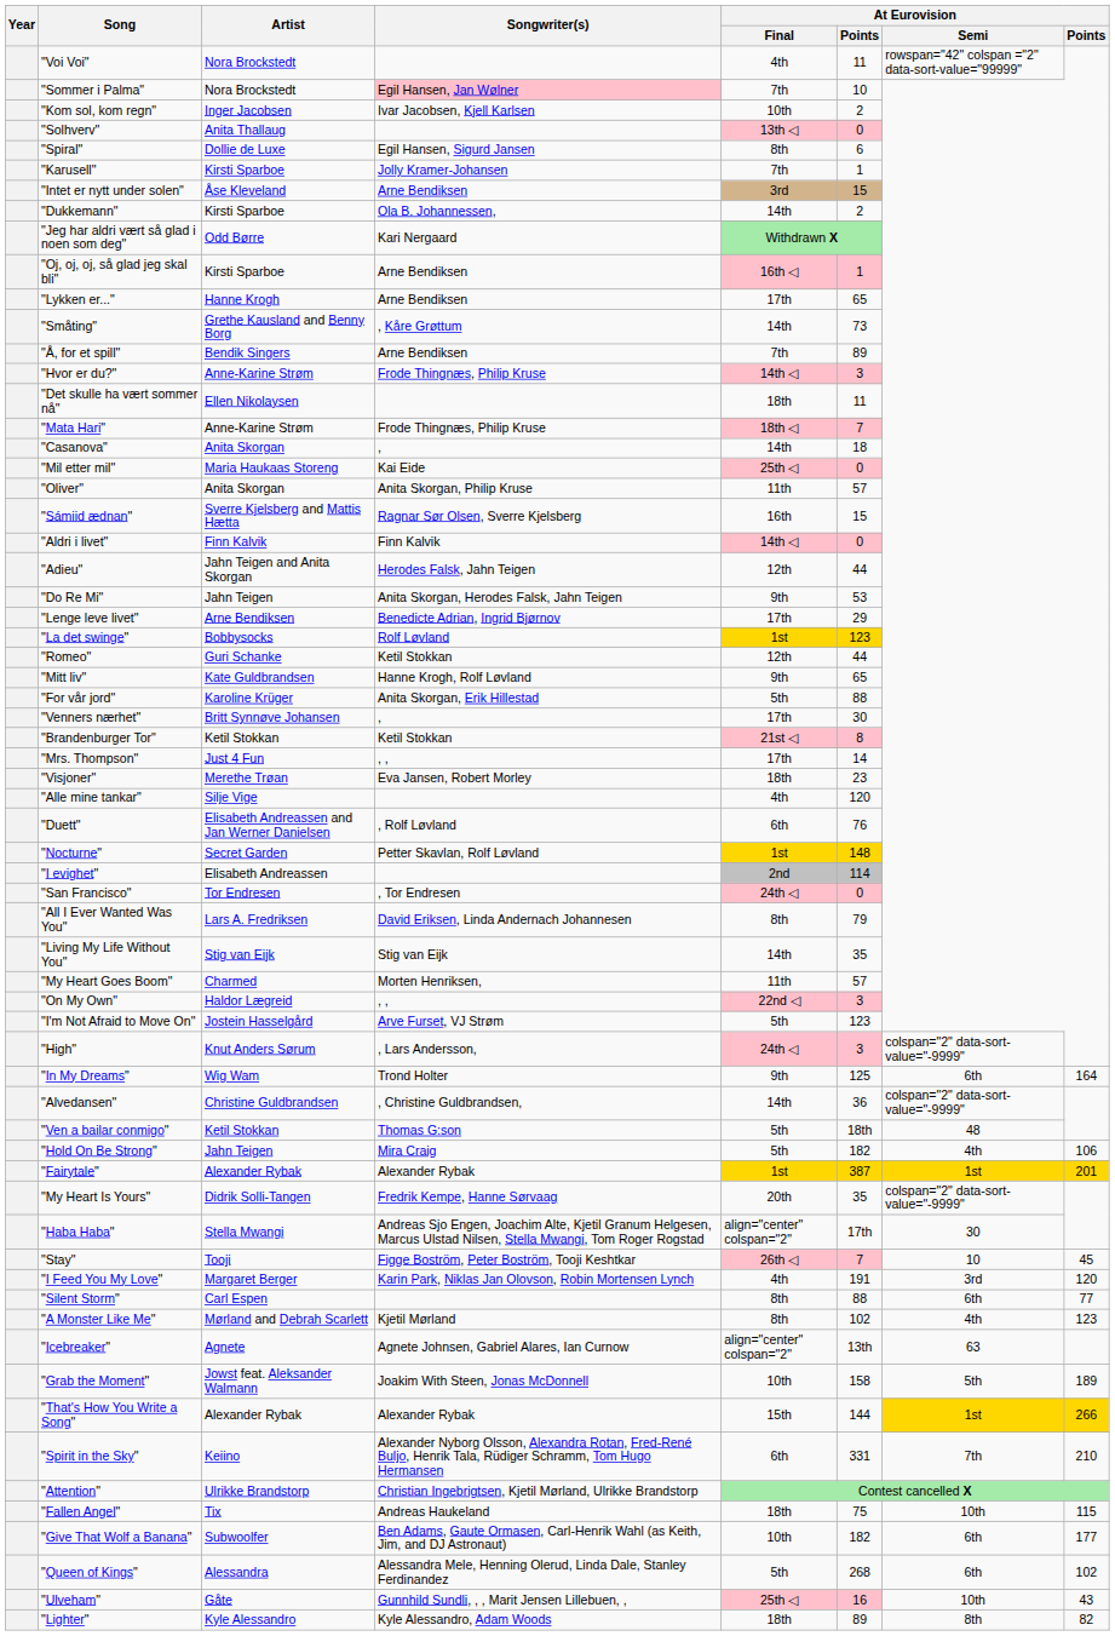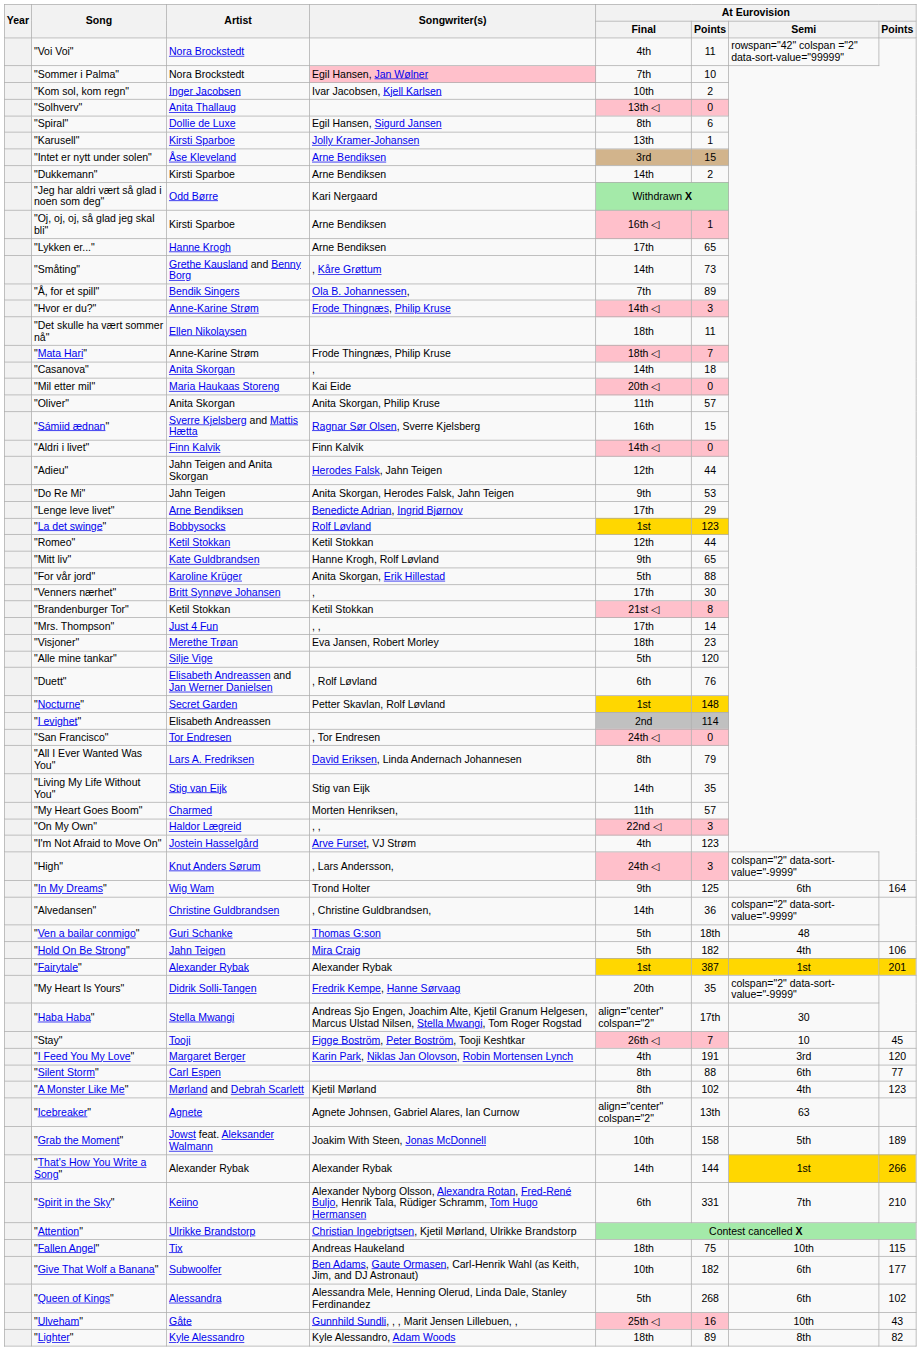 <table class="sortable wikitable plainrowheaders" border="1" style="font-size:90%;">
 <tr>
 <th rowspan="2">Year</th>
 <th rowspan="2">Song</th>
 <th rowspan="2">Artist</th>
 <th rowspan="2">Songwriter(s)</th>
 <th colspan="4">At Eurovision</th>
 </tr>
 <tr>
 <th>Final</th>
 <th>Points</th>
 <th>Semi</th>
 <th>Points</th>
 </tr>
 <tr>
 <th scope="row"></th>
 <td>"Voi Voi"</td>
 <td><a href='#'>Nora Brockstedt</a></td>
 <td></td>
 <td align="center">4th</td>
 <td align="center">11</td>
 <td>rowspan="42" colspan ="2" data-sort-value="99999" </td>
 </tr>
 <tr>
 <th scope="row"></th>
 <td>"Sommer i Palma"</td>
 <td>Nora Brockstedt</td>
 <td style="background: pink;">Egil Hansen, <a href='#'>Jan Wølner</a></td>
 <td align="center">7th</td>
 <td align="center">10</td>
 </tr>
 <tr>
 <th scope="row"></th>
 <td>"Kom sol, kom regn"</td>
 <td><a href='#'>Inger Jacobsen</a></td>
 <td>Ivar Jacobsen, <a href='#'>Kjell Karlsen</a></td>
 <td align="center">10th</td>
 <td align="center">2</td>
 </tr>
 <tr>
 <th scope="row"></th>
 <td>"Solhverv"</td>
 <td><a href='#'>Anita Thallaug</a></td>
 <td></td>
 <td align="center" style="background-color:pink">13th ◁</td>
 <td align="center" style="background-color:pink">0</td>
 </tr>
 <tr>
 <th scope="row"></th>
 <td>"Spiral"</td>
 <td><a href='#'>Dollie de Luxe</a></td>
 <td>Egil Hansen, <a href='#'>Sigurd Jansen</a></td>
 <td align="center">8th</td>
 <td align="center">6</td>
 </tr>
 <tr>
 <th scope="row"></th>
 <td>"Karusell"</td>
 <td><a href='#'>Kirsti Sparboe</a></td>
 <td><a href='#'>Jolly Kramer-Johansen</a></td>
-<td align="center">7th</td>
+<td align="center">13th</td>
 <td align="center">1</td>
 </tr>
 <tr>
 <th scope="row"></th>
 <td>"Intet er nytt under solen"</td>
 <td><a href='#'>Åse Kleveland</a></td>
 <td><a href='#'>Arne Bendiksen</a></td>
 <td align="center" style="background-color:tan">3rd</td>
 <td align="center" style="background-color:tan">15</td>
 </tr>
 <tr>
 <th scope="row"></th>
 <td>"Dukkemann"</td>
 <td>Kirsti Sparboe</td>
-<td><a href='#'>Ola B. Johannessen</a>, </td>
+<td>Arne Bendiksen</td>
 <td align="center">14th</td>
 <td align="center">2</td>
 </tr>
 <tr>
 <th scope="row"></th>
 <td>"Jeg har aldri vært så glad i noen som deg"</td>
 <td><a href='#'>Odd Børre</a></td>
 <td>Kari Nergaard</td>
 <td align="center" colspan="2" style="background-color:#A4EAA9">Withdrawn <strong>X</strong></td>
 </tr>
 <tr>
 <th scope="row"></th>
 <td>"Oj, oj, oj, så glad jeg skal bli"</td>
 <td>Kirsti Sparboe</td>
 <td>Arne Bendiksen</td>
 <td align="center" style="background-color:pink">16th ◁</td>
 <td align="center" style="background-color:pink">1</td>
 </tr>
 <tr>
 <th scope="row"></th>
 <td>"Lykken er..."</td>
 <td><a href='#'>Hanne Krogh</a></td>
 <td>Arne Bendiksen</td>
 <td align="center">17th</td>
 <td align="center">65</td>
 </tr>
 <tr>
 <th scope="row"></th>
 <td>"Småting"</td>
 <td><a href='#'>Grethe Kausland</a> and <a href='#'>Benny Borg</a></td>
 <td>, <a href='#'>Kåre Grøttum</a></td>
 <td align="center">14th</td>
 <td align="center">73</td>
 </tr>
 <tr>
 <th scope="row"></th>
 <td>"Å, for et spill"</td>
 <td><a href='#'>Bendik Singers</a></td>
-<td>Arne Bendiksen</td>
+<td><a href='#'>Ola B. Johannessen</a>, </td>
 <td align="center">7th</td>
 <td align="center">89</td>
 </tr>
 <tr>
 <th scope="row"></th>
 <td>"Hvor er du?"</td>
 <td><a href='#'>Anne-Karine Strøm</a></td>
 <td><a href='#'>Frode Thingnæs</a>, <a href='#'>Philip Kruse</a></td>
 <td align="center" style="background-color:pink">14th ◁</td>
 <td align="center" style="background-color:pink">3</td>
 </tr>
 <tr>
 <th scope="row"></th>
 <td>"Det skulle ha vært sommer nå"</td>
 <td><a href='#'>Ellen Nikolaysen</a></td>
 <td></td>
 <td align="center">18th</td>
 <td align="center">11</td>
 </tr>
 <tr>
 <th scope="row"></th>
 <td>"<a href='#'>Mata Hari</a>"</td>
 <td>Anne-Karine Strøm</td>
 <td>Frode Thingnæs, Philip Kruse</td>
 <td align="center" style="background-color:pink">18th ◁</td>
 <td align="center" style="background-color:pink">7</td>
 </tr>
 <tr>
 <th scope="row"></th>
 <td>"Casanova"</td>
 <td><a href='#'>Anita Skorgan</a></td>
 <td>, </td>
 <td align="center">14th</td>
 <td align="center">18</td>
 </tr>
 <tr>
 <th scope="row"></th>
 <td>"Mil etter mil"</td>
 <td><a href='#'>Maria Haukaas Storeng</a></td>
 <td>Kai Eide</td>
-<td align="center" style="background-color:pink">25th ◁</td>
+<td align="center" style="background-color:pink">20th ◁</td>
 <td align="center" style="background-color:pink">0</td>
 </tr>
 <tr>
 <th scope="row"></th>
 <td>"Oliver"</td>
 <td>Anita Skorgan</td>
 <td>Anita Skorgan, Philip Kruse</td>
 <td align="center">11th</td>
 <td align="center">57</td>
 </tr>
 <tr>
 <th scope="row"></th>
 <td>"<a href='#'>Sámiid ædnan</a>"</td>
 <td><a href='#'>Sverre Kjelsberg</a> and <a href='#'>Mattis Hætta</a></td>
 <td><a href='#'>Ragnar Sør Olsen</a>, Sverre Kjelsberg</td>
 <td align="center">16th</td>
 <td align="center">15</td>
 </tr>
 <tr>
 <th scope="row"></th>
 <td>"Aldri i livet"</td>
 <td><a href='#'>Finn Kalvik</a></td>
 <td>Finn Kalvik</td>
 <td align="center" style="background-color:pink">14th ◁</td>
 <td align="center" style="background-color:pink">0</td>
 </tr>
 <tr>
 <th scope="row"></th>
 <td>"Adieu"</td>
 <td>Jahn Teigen and Anita Skorgan</td>
 <td><a href='#'>Herodes Falsk</a>, Jahn Teigen</td>
 <td align="center">12th</td>
 <td align="center">44</td>
 </tr>
 <tr>
 <th scope="row"></th>
 <td>"Do Re Mi"</td>
 <td>Jahn Teigen</td>
 <td>Anita Skorgan, Herodes Falsk, Jahn Teigen</td>
 <td align="center">9th</td>
 <td align="center">53</td>
 </tr>
 <tr>
 <th scope="row"></th>
 <td>"Lenge leve livet"</td>
 <td><a href='#'>Arne Bendiksen</a></td>
 <td><a href='#'>Benedicte Adrian</a>, <a href='#'>Ingrid Bjørnov</a></td>
 <td align="center">17th</td>
 <td align="center">29</td>
 </tr>
 <tr>
 <th scope="row"></th>
 <td>"<a href='#'>La det swinge</a>"</td>
 <td><a href='#'>Bobbysocks</a></td>
 <td><a href='#'>Rolf Løvland</a></td>
 <td align="center" style="background-color:gold">1st</td>
 <td align="center" style="background-color:gold">123</td>
 </tr>
 <tr>
 <th scope="row"></th>
 <td>"Romeo"</td>
-<td><a href='#'>Guri Schanke</a></td>
+<td><a href='#'>Ketil Stokkan</a></td>
 <td>Ketil Stokkan</td>
 <td align="center">12th</td>
 <td align="center">44</td>
 </tr>
 <tr>
 <th scope="row"></th>
 <td>"Mitt liv"</td>
 <td><a href='#'>Kate Guldbrandsen</a></td>
 <td>Hanne Krogh, Rolf Løvland</td>
 <td align="center">9th</td>
 <td align="center">65</td>
 </tr>
 <tr>
 <th scope="row"></th>
 <td>"For vår jord"</td>
 <td><a href='#'>Karoline Krüger</a></td>
 <td>Anita Skorgan, <a href='#'>Erik Hillestad</a></td>
 <td align="center">5th</td>
 <td align="center">88</td>
 </tr>
 <tr>
 <th scope="row"></th>
 <td>"Venners nærhet"</td>
 <td><a href='#'>Britt Synnøve Johansen</a></td>
 <td>, </td>
 <td align="center">17th</td>
 <td align="center">30</td>
 </tr>
 <tr>
 <th scope="row"></th>
 <td>"Brandenburger Tor"</td>
 <td>Ketil Stokkan</td>
 <td>Ketil Stokkan</td>
 <td align="center" style="background-color:pink">21st ◁</td>
 <td align="center" style="background-color:pink">8</td>
 </tr>
 <tr>
 <th scope="row"></th>
 <td>"Mrs. Thompson"</td>
 <td><a href='#'>Just 4 Fun</a></td>
 <td>, , </td>
 <td align="center">17th</td>
 <td align="center">14</td>
 </tr>
 <tr>
 <th scope="row"></th>
 <td>"Visjoner"</td>
 <td><a href='#'>Merethe Trøan</a></td>
 <td>Eva Jansen, Robert Morley</td>
 <td align="center">18th</td>
 <td align="center">23</td>
 </tr>
 <tr>
 <th scope="row"></th>
 <td>"Alle mine tankar"</td>
 <td><a href='#'>Silje Vige</a></td>
 <td></td>
-<td align="center">4th</td>
+<td align="center">5th</td>
 <td align="center">120</td>
 </tr>
 <tr>
 <th scope="row"></th>
 <td>"Duett"</td>
 <td><a href='#'>Elisabeth Andreassen</a> and <a href='#'>Jan Werner Danielsen</a></td>
 <td>, Rolf Løvland</td>
 <td align="center">6th</td>
 <td align="center">76</td>
 </tr>
 <tr>
 <th scope="row"></th>
 <td>"<a href='#'>Nocturne</a>"</td>
 <td><a href='#'>Secret Garden</a></td>
 <td>Petter Skavlan, Rolf Løvland</td>
 <td align="center" style="background-color:gold">1st</td>
 <td align="center" style="background-color:gold">148</td>
 </tr>
 <tr>
 <th scope="row"></th>
 <td>"<a href='#'>I evighet</a>"</td>
 <td>Elisabeth Andreassen</td>
 <td></td>
 <td align="center" style="background-color:silver">2nd</td>
 <td align="center" style="background-color:silver">114</td>
 </tr>
 <tr>
 <th scope="row"></th>
 <td>"San Francisco"</td>
 <td><a href='#'>Tor Endresen</a></td>
 <td>, Tor Endresen</td>
 <td align="center" style="background-color:pink">24th ◁</td>
 <td align="center" style="background-color:pink">0</td>
 </tr>
 <tr>
 <th scope="row"></th>
 <td>"All I Ever Wanted Was You"</td>
 <td><a href='#'>Lars A. Fredriksen</a></td>
 <td><a href='#'>David Eriksen</a>, Linda Andernach Johannesen</td>
 <td align="center">8th</td>
 <td align="center">79</td>
 </tr>
 <tr>
 <th scope="row"></th>
 <td>"Living My Life Without You"</td>
 <td><a href='#'>Stig van Eijk</a></td>
 <td>Stig van Eijk</td>
 <td align="center">14th</td>
 <td align="center">35</td>
 </tr>
 <tr>
 <th scope="row"></th>
 <td>"My Heart Goes Boom"</td>
 <td><a href='#'>Charmed</a></td>
 <td>Morten Henriksen, </td>
 <td align="center">11th</td>
 <td align="center">57</td>
 </tr>
 <tr>
 <th scope="row"></th>
 <td>"On My Own"</td>
 <td><a href='#'>Haldor Lægreid</a></td>
 <td>, , </td>
 <td align="center" style="background-color:pink">22nd ◁</td>
 <td align="center" style="background-color:pink">3</td>
 </tr>
 <tr>
 <th scope="row"></th>
 <td>"I'm Not Afraid to Move On"</td>
 <td><a href='#'>Jostein Hasselgård</a></td>
 <td><a href='#'>Arve Furset</a>, VJ Strøm</td>
-<td align="center">5th</td>
+<td align="center">4th</td>
 <td align="center">123</td>
 </tr>
 <tr>
 <th scope="row"></th>
 <td>"High"</td>
 <td><a href='#'>Knut Anders Sørum</a></td>
 <td>, Lars Andersson, </td>
 <td align="center" style="background-color:pink">24th ◁</td>
 <td align="center" style="background-color:pink">3</td>
 <td>colspan="2" data-sort-value="-9999" </td>
 </tr>
 <tr>
 <th scope="row"></th>
 <td>"<a href='#'>In My Dreams</a>"</td>
 <td><a href='#'>Wig Wam</a></td>
 <td>Trond Holter</td>
 <td align="center">9th</td>
 <td align="center">125</td>
 <td align="center">6th</td>
 <td align="center">164</td>
 </tr>
 <tr>
 <th scope="row"></th>
 <td>"Alvedansen"</td>
 <td><a href='#'>Christine Guldbrandsen</a></td>
 <td>, Christine Guldbrandsen, </td>
 <td align="center">14th</td>
 <td align="center">36</td>
 <td>colspan="2" data-sort-value="-9999" </td>
 </tr>
 <tr>
 <th scope="row"></th>
 <td>"<a href='#'>Ven a bailar conmigo</a>"</td>
-<td><a href='#'>Ketil Stokkan</a></td>
+<td><a href='#'>Guri Schanke</a></td>
 <td><a href='#'>Thomas G:son</a></td>
 <td align="center">5th</td>
 <td align="center">18th</td>
 <td align="center">48</td>
 </tr>
 <tr>
 <th scope="row"></th>
 <td>"<a href='#'>Hold On Be Strong</a>"</td>
 <td><a href='#'>Jahn Teigen</a></td>
 <td><a href='#'>Mira Craig</a></td>
 <td align="center">5th</td>
 <td align="center">182</td>
 <td align="center">4th</td>
 <td align="center">106</td>
 </tr>
 <tr>
 <th scope="row"></th>
 <td>"<a href='#'>Fairytale</a>"</td>
 <td><a href='#'>Alexander Rybak</a></td>
 <td>Alexander Rybak</td>
 <td align="center" style="background-color:gold">1st</td>
 <td align="center" style="background-color:gold">387</td>
 <td align="center" style="background-color:gold">1st</td>
 <td align="center" style="background-color:gold">201</td>
 </tr>
 <tr>
 <th scope="row"></th>
 <td>"My Heart Is Yours"</td>
 <td><a href='#'>Didrik Solli-Tangen</a></td>
 <td><a href='#'>Fredrik Kempe</a>, <a href='#'>Hanne Sørvaag</a></td>
 <td align="center">20th</td>
 <td align="center">35</td>
 <td>colspan="2" data-sort-value="-9999" </td>
 </tr>
 <tr>
 <th scope="row"></th>
 <td>"<a href='#'>Haba Haba</a>"</td>
 <td><a href='#'>Stella Mwangi</a></td>
 <td>Andreas Sjo Engen, Joachim Alte, Kjetil Granum Helgesen, Marcus Ulstad Nilsen, <a href='#'>Stella Mwangi</a>, Tom Roger Rogstad</td>
 <td>align="center" colspan="2" </td>
 <td align="center">17th</td>
 <td align="center">30</td>
 </tr>
 <tr>
 <th scope="row"></th>
 <td>"Stay"</td>
 <td><a href='#'>Tooji</a></td>
 <td><a href='#'>Figge Boström</a>, <a href='#'>Peter Boström</a>, Tooji Keshtkar</td>
 <td align="center" style="background-color:pink">26th ◁</td>
 <td align="center" style="background-color:pink">7</td>
 <td align="center">10</td>
 <td align="center">45</td>
 </tr>
 <tr>
 <th scope="row"></th>
 <td>"<a href='#'>I Feed You My Love</a>"</td>
 <td><a href='#'>Margaret Berger</a></td>
 <td><a href='#'>Karin Park</a>, <a href='#'>Niklas Jan Olovson</a>, <a href='#'>Robin Mortensen Lynch</a></td>
 <td align="center">4th</td>
 <td align="center">191</td>
 <td align="center">3rd</td>
 <td align="center">120</td>
 </tr>
 <tr>
 <th scope="row"></th>
 <td>"<a href='#'>Silent Storm</a>"</td>
 <td><a href='#'>Carl Espen</a></td>
 <td></td>
 <td align="center">8th</td>
 <td align="center">88</td>
 <td align="center">6th</td>
 <td align="center">77</td>
 </tr>
 <tr>
 <th scope="row"></th>
 <td>"<a href='#'>A Monster Like Me</a>"</td>
 <td><a href='#'>Mørland</a> and <a href='#'>Debrah Scarlett</a></td>
 <td>Kjetil Mørland</td>
 <td align="center">8th</td>
 <td align="center">102</td>
 <td align="center">4th</td>
 <td align="center">123</td>
 </tr>
 <tr>
 <th scope="row"></th>
 <td>"<a href='#'>Icebreaker</a>"</td>
 <td><a href='#'>Agnete</a></td>
 <td>Agnete Johnsen, Gabriel Alares, Ian Curnow</td>
 <td>align="center" colspan="2" </td>
 <td align="center">13th</td>
 <td align="center">63</td>
 </tr>
 <tr>
 <th scope="row"></th>
 <td>"<a href='#'>Grab the Moment</a>"</td>
 <td><a href='#'>Jowst</a> feat. <a href='#'>Aleksander Walmann</a></td>
 <td>Joakim With Steen, <a href='#'>Jonas McDonnell</a></td>
 <td align="center">10th</td>
 <td align="center">158</td>
 <td align="center">5th</td>
 <td align="center">189</td>
 </tr>
 <tr>
 <th scope="row"></th>
 <td>"<a href='#'>That's How You Write a Song</a>"</td>
 <td>Alexander Rybak</td>
 <td>Alexander Rybak</td>
-<td align="center">15th</td>
+<td align="center">14th</td>
 <td align="center">144</td>
 <td align="center" bgcolor="gold">1st</td>
 <td align="center" bgcolor="gold">266</td>
 </tr>
 <tr>
 <th scope="row"></th>
 <td>"<a href='#'>Spirit in the Sky</a>"</td>
 <td><a href='#'>Keiino</a></td>
 <td>Alexander Nyborg Olsson, <a href='#'>Alexandra Rotan</a>, <a href='#'>Fred-René Buljo</a>, Henrik Tala, Rüdiger Schramm, <a href='#'>Tom Hugo Hermansen</a></td>
 <td align="center">6th</td>
 <td align="center">331</td>
 <td align="center">7th</td>
 <td align="center">210</td>
 </tr>
 <tr>
 <th scope="row"></th>
 <td>"<a href='#'>Attention</a>"</td>
 <td><a href='#'>Ulrikke Brandstorp</a></td>
 <td><a href='#'>Christian Ingebrigtsen</a>, Kjetil Mørland, Ulrikke Brandstorp</td>
 <td align="center" colspan="4" style="background-color:#A4EAA9">Contest cancelled <strong>X</strong></td>
 </tr>
 <tr>
 <th scope="row"></th>
 <td>"<a href='#'>Fallen Angel</a>"</td>
 <td><a href='#'>Tix</a></td>
 <td>Andreas Haukeland</td>
 <td align="center">18th</td>
 <td align="center">75</td>
 <td align="center">10th</td>
 <td align="center">115</td>
 </tr>
 <tr>
 <th scope="row"></th>
 <td>"<a href='#'>Give That Wolf a Banana</a>"</td>
 <td><a href='#'>Subwoolfer</a></td>
 <td><a href='#'>Ben Adams</a>, <a href='#'>Gaute Ormasen</a>, Carl-Henrik Wahl (as Keith, Jim, and DJ Astronaut)</td>
 <td align="center">10th</td>
 <td align="center">182</td>
 <td align="center">6th</td>
 <td align="center">177</td>
 </tr>
 <tr>
 <th scope="row"></th>
 <td>"<a href='#'>Queen of Kings</a>"</td>
 <td><a href='#'>Alessandra</a></td>
 <td>Alessandra Mele, Henning Olerud, Linda Dale, Stanley Ferdinandez</td>
 <td align="center">5th</td>
 <td align="center">268</td>
 <td align="center">6th</td>
 <td align="center">102</td>
 </tr>
 <tr>
 <th scope="row"></th>
 <td>"<a href='#'>Ulveham</a>"</td>
 <td><a href='#'>Gåte</a></td>
 <td><a href='#'>Gunnhild Sundli</a>, , , Marit Jensen Lillebuen, , </td>
 <td align="center" style="background-color:pink">25th ◁</td>
 <td align="center" style="background-color:pink">16</td>
 <td align="center">10th</td>
 <td align="center">43</td>
 </tr>
 <tr>
 <th scope="row"></th>
 <td>"<a href='#'>Lighter</a>"</td>
 <td><a href='#'>Kyle Alessandro</a></td>
 <td>Kyle Alessandro, <a href='#'>Adam Woods</a></td>
 <td align="center">18th</td>
 <td align="center">89</td>
 <td align="center">8th</td>
 <td align="center">82</td>
 </tr>
 </table>
